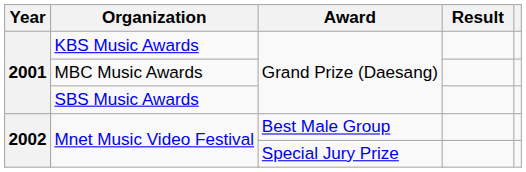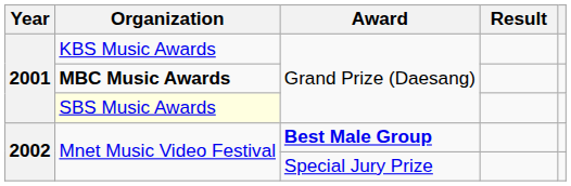 <table class="wikitable plainrowheaders">
 <tr>
 <th scope="col">Year</th>
 <th scope="col">Organization</th>
 <th scope="col">Award</th>
 <th scope="col" width="60">Result</th>
 <th class="unsortable"></th>
 </tr>
 <tr>
 <th scope="row" rowspan="3">2001</th>
 <td><a href='#'>KBS Music Awards</a></td>
 <td rowspan="3">Grand Prize (Daesang)</td>
 <td></td>
 <td align="center"></td>
 </tr>
 <tr>
-<td>MBC Music Awards</td>
+<td><strong>MBC Music Awards</strong></td>
 <td></td>
 <td></td>
 </tr>
 <tr>
-<td><a href='#'>SBS Music Awards</a></td>
+<td style="background: lightyellow;"><a href='#'>SBS Music Awards</a></td>
 <td></td>
 <td align="center"></td>
 </tr>
 <tr>
 <th scope="row" rowspan="2">2002</th>
 <td rowspan="2"><a href='#'>Mnet Music Video Festival</a></td>
-<td><a href='#'>Best Male Group</a></td>
+<td><strong><a href='#'>Best Male Group</a></strong></td>
 <td></td>
 <td></td>
 </tr>
 <tr>
 <td><a href='#'>Special Jury Prize</a></td>
 <td></td>
 <td></td>
 </tr>
 </table>
